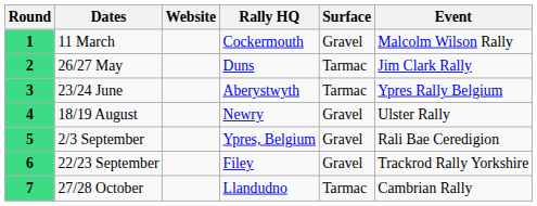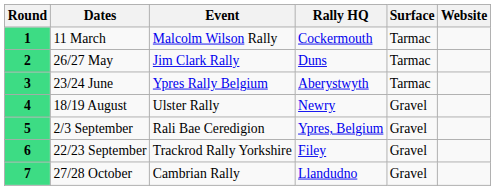 <table class="wikitable" style="font-size: 95%;">
 <tr>
 <th>Round</th>
 <th>Dates</th>
-<th>Website</th>
+<th>Event</th>
 <th>Rally HQ</th>
 <th>Surface</th>
-<th>Event</th>
+<th>Website</th>
 </tr>
 <tr>
 <th style="background:#3DDC84">1</th>
 <td>11 March</td>
+<td> <a href='#'>Malcolm Wilson</a> Rally</td>
+<td><a href='#'>Cockermouth</a></td>
+<td>Tarmac</td>
 <td></td>
-<td><a href='#'>Cockermouth</a></td>
-<td>Gravel</td>
-<td> <a href='#'>Malcolm Wilson</a> Rally</td>
 </tr>
 <tr>
 <th style="background:#3DDC84">2</th>
 <td>26/27 May</td>
-<td></td>
+<td> <a href='#'>Jim Clark Rally</a></td>
 <td><a href='#'>Duns</a></td>
 <td>Tarmac</td>
-<td> <a href='#'>Jim Clark Rally</a></td>
+<td></td>
 </tr>
 <tr>
 <th style="background:#3DDC84">3</th>
 <td>23/24 June</td>
-<td></td>
+<td> <a href='#'>Ypres Rally Belgium</a></td>
 <td><a href='#'>Aberystwyth</a></td>
 <td>Tarmac</td>
-<td> <a href='#'>Ypres Rally Belgium</a></td>
+<td></td>
 </tr>
 <tr>
 <th style="background:#3DDC84">4</th>
 <td>18/19 August</td>
-<td></td>
+<td> Ulster Rally</td>
 <td><a href='#'>Newry</a></td>
 <td>Gravel</td>
-<td> Ulster Rally</td>
+<td></td>
 </tr>
 <tr>
 <th style="background:#3DDC84">5</th>
 <td>2/3 September</td>
-<td></td>
+<td> Rali Bae Ceredigion</td>
 <td><a href='#'>Ypres, Belgium</a></td>
 <td>Gravel</td>
-<td> Rali Bae Ceredigion</td>
+<td></td>
 </tr>
 <tr>
 <th style="background:#3DDC84">6</th>
 <td>22/23 September</td>
-<td></td>
+<td> Trackrod Rally Yorkshire</td>
 <td><a href='#'>Filey</a></td>
 <td>Gravel</td>
-<td> Trackrod Rally Yorkshire</td>
+<td></td>
 </tr>
 <tr>
 <th style="background:#3DDC84">7</th>
 <td>27/28 October</td>
+<td> Cambrian Rally</td>
+<td><a href='#'>Llandudno</a></td>
+<td>Gravel</td>
 <td></td>
-<td><a href='#'>Llandudno</a></td>
-<td>Tarmac</td>
-<td> Cambrian Rally</td>
 </tr>
 </table>
